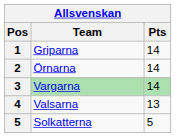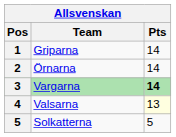 <table class="wikitable">
 <tr>
 <th colspan="3"><a href='#'>Allsvenskan</a></th>
 </tr>
 <tr>
 <th width=20>Pos</th>
 <th width=150>Team</th>
 <th width=30>Pts</th>
 </tr>
 <tr>
 <th>1</th>
 <td><a href='#'>Griparna</a></td>
 <td>14</td>
 </tr>
 <tr>
 <th>2</th>
 <td><a href='#'>Örnarna</a></td>
 <td>14</td>
 </tr>
 <tr style="background:#ACE1AF;">
 <th>3</th>
 <td><a href='#'>Vargarna</a></td>
-<td>14</td>
+<td><strong>14</strong></td>
 </tr>
 <tr>
 <th>4</th>
 <td><a href='#'>Valsarna</a></td>
-<td>13</td>
+<td style="background: lightyellow;">13</td>
 </tr>
 <tr>
 <th>5</th>
 <td><a href='#'>Solkatterna</a></td>
 <td>5</td>
 </tr>
 </table>
